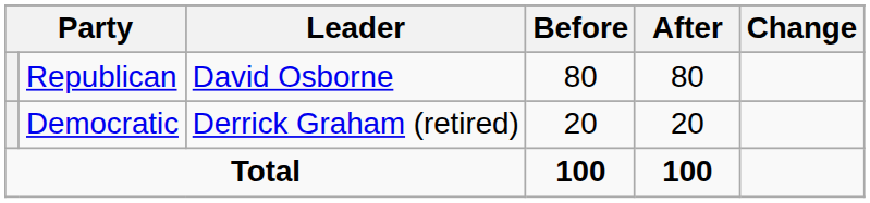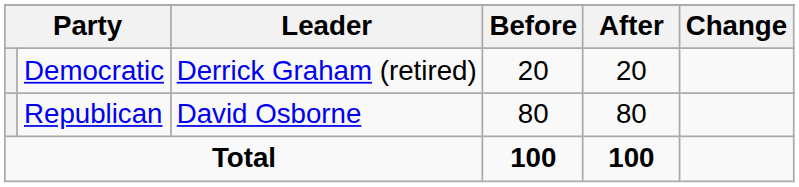 <table class="wikitable" style="text-align:center;">
 <tr>
 </tr>
 <tr>
 <th colspan="2">Party</th>
 <th>Leader</th>
 <th style="width:3em">Before</th>
 <th style="width:3em">After</th>
 <th style="width:3em">Change</th>
 </tr>
 <tr>
 <th style="background-color:"></th>
+<td style="text-align:left;"><a href='#'>Democratic</a></td>
+<td style="text-align:left;"><a href='#'>Derrick Graham</a> (retired)</td>
+<td>20</td>
+<td>20</td>
+<td></td>
+</tr>
+<tr>
+<th style="background-color:"></th>
 <td style="text-align:left;"><a href='#'>Republican</a></td>
 <td style="text-align:left;"><a href='#'>David Osborne</a></td>
 <td>80</td>
 <td>80</td>
-<td></td>
-</tr>
-<tr>
-<th style="background-color:"></th>
-<td style="text-align:left;"><a href='#'>Democratic</a></td>
-<td style="text-align:left;"><a href='#'>Derrick Graham</a> (retired)</td>
-<td>20</td>
-<td>20</td>
 <td></td>
 </tr>
 <tr>
 <td colspan="3"><strong>Total</strong></td>
 <td><strong>100</strong></td>
 <td><strong>100</strong></td>
 <td></td>
 </tr>
 </table>
